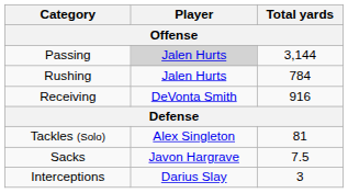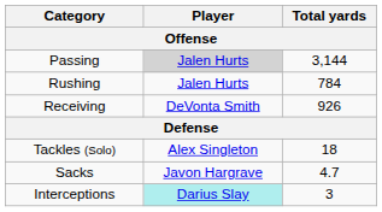 <table class="wikitable" style="text-align:center">
 <tr>
 <th width="150">Category</th>
 <th width="150">Player</th>
 <th width="100">Total yards</th>
 </tr>
 <tr>
 <th align="center" colspan="4">Offense</th>
 </tr>
 <tr>
 <td>Passing</td>
 <td style="background: lightgrey;"><a href='#'>Jalen Hurts</a></td>
 <td>3,144</td>
 </tr>
 <tr>
 <td>Rushing</td>
 <td><a href='#'>Jalen Hurts</a></td>
 <td>784</td>
 </tr>
 <tr>
 <td>Receiving</td>
 <td><a href='#'>DeVonta Smith</a></td>
-<td>916</td>
+<td>926</td>
 </tr>
 <tr>
 <th align="center" colspan="4">Defense</th>
 </tr>
 <tr>
 <td>Tackles <small>(Solo)</small></td>
 <td><a href='#'>Alex Singleton</a></td>
-<td>81</td>
+<td>18</td>
 </tr>
 <tr>
 <td>Sacks</td>
 <td><a href='#'>Javon Hargrave</a></td>
-<td>7.5</td>
+<td>4.7</td>
 </tr>
 <tr>
 <td>Interceptions</td>
-<td><a href='#'>Darius Slay</a></td>
+<td style="background: paleturquoise;"><a href='#'>Darius Slay</a></td>
 <td>3</td>
 </tr>
 </table>
